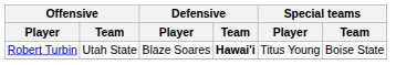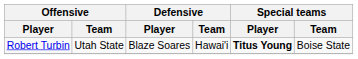 <table class="wikitable" border="1">
 <tr>
 <th colspan="2">Offensive</th>
 <th colspan="2">Defensive</th>
 <th colspan="2">Special teams</th>
 </tr>
 <tr>
 <th>Player</th>
 <th>Team</th>
 <th>Player</th>
 <th>Team</th>
 <th>Player</th>
 <th>Team</th>
 </tr>
 <tr>
 <td><a href='#'>Robert Turbin</a></td>
 <td>Utah State</td>
 <td>Blaze Soares</td>
-<td><strong>Hawai'i</strong></td>
-<td>Titus Young</td>
+<td>Hawai'i</td>
+<td><strong>Titus Young</strong></td>
 <td>Boise State</td>
 </tr>
 <tr>
 </tr>
 </table>
